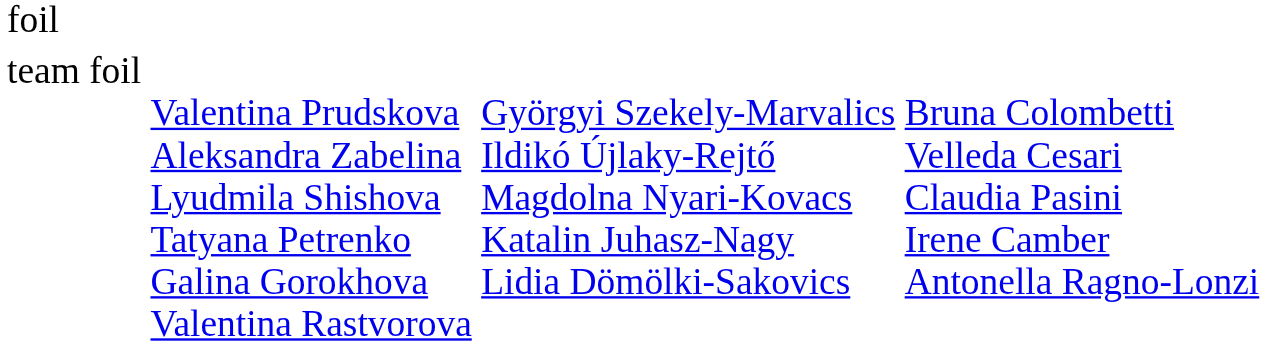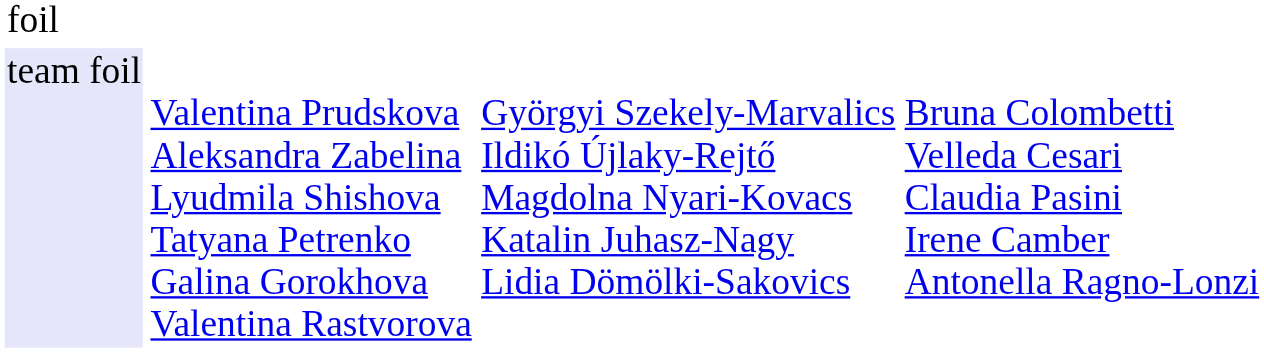 <table>
 <tr>
 <td>foil<br></td>
 <td></td>
 <td></td>
 <td></td>
 </tr>
 <tr valign="top">
-<td>team foil<br></td>
+<td style="background: lavender;">team foil<br></td>
 <td valign=top><br><a href='#'>Valentina Prudskova</a><br><a href='#'>Aleksandra Zabelina</a><br><a href='#'>Lyudmila Shishova</a><br><a href='#'>Tatyana Petrenko</a><br><a href='#'>Galina Gorokhova</a><br><a href='#'>Valentina Rastvorova</a></td>
 <td valign=top><br><a href='#'>Györgyi Szekely-Marvalics</a><br><a href='#'>Ildikó Újlaky-Rejtő</a><br><a href='#'>Magdolna Nyari-Kovacs</a><br><a href='#'>Katalin Juhasz-Nagy</a><br><a href='#'>Lidia Dömölki-Sakovics</a></td>
 <td valign=top><br><a href='#'>Bruna Colombetti</a><br><a href='#'>Velleda Cesari</a><br><a href='#'>Claudia Pasini</a><br><a href='#'>Irene Camber</a><br><a href='#'>Antonella Ragno-Lonzi</a></td>
 </tr>
 </table>
